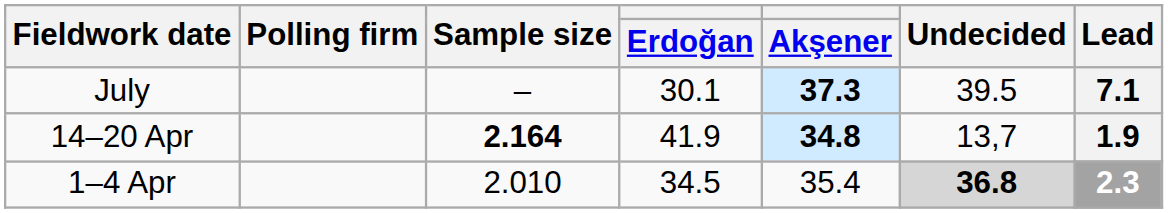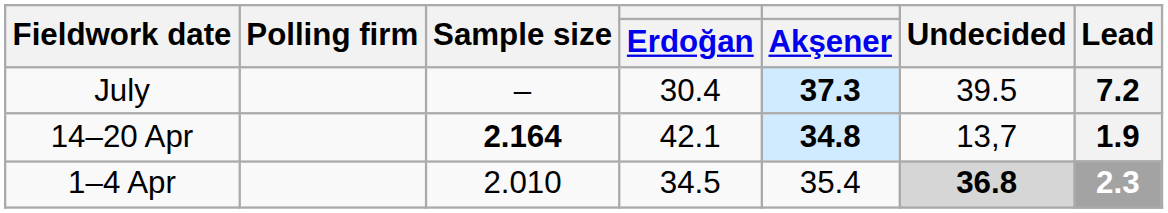 <table class="wikitable mw-datatable mw-collapsible mw-collapsed" style="text-align:center; font-size:85%; line-height:14px;">
 <tr>
 <th rowspan="2">Fieldwork date</th>
 <th rowspan="2">Polling firm</th>
 <th rowspan="2">Sample size</th>
 <th style="background:"></th>
 <th style="background:"></th>
 <th rowspan="2">Undecided</th>
 <th rowspan="2">Lead</th>
 </tr>
 <tr>
 <th><a href='#'>Erdoğan</a><br></th>
 <th><a href='#'>Akşener</a><br></th>
 </tr>
 <tr>
 <td>July</td>
 <td></td>
 <td>–</td>
-<td>30.1</td>
+<td>30.4</td>
 <td style="background:#D0EBFF"><strong>37.3</strong></td>
 <td>39.5</td>
-<th style="background:">7.1</th>
+<th style="background:">7.2</th>
 </tr>
 <tr>
 <td>14–20 Apr</td>
 <td></td>
 <td><strong>2.164</strong></td>
-<td>41.9</td>
+<td>42.1</td>
 <td style="background:#D0EBFF"><strong>34.8</strong></td>
 <td>13,7</td>
 <th style="background:">1.9</th>
 </tr>
 <tr>
 <td>1–4 Apr</td>
 <td></td>
 <td>2.010</td>
 <td>34.5</td>
 <td>35.4</td>
 <td style="background:#D6D6D6"><strong>36.8</strong></td>
 <th style="background:#A3A3A3; color:white;">2.3</th>
 </tr>
 </table>
